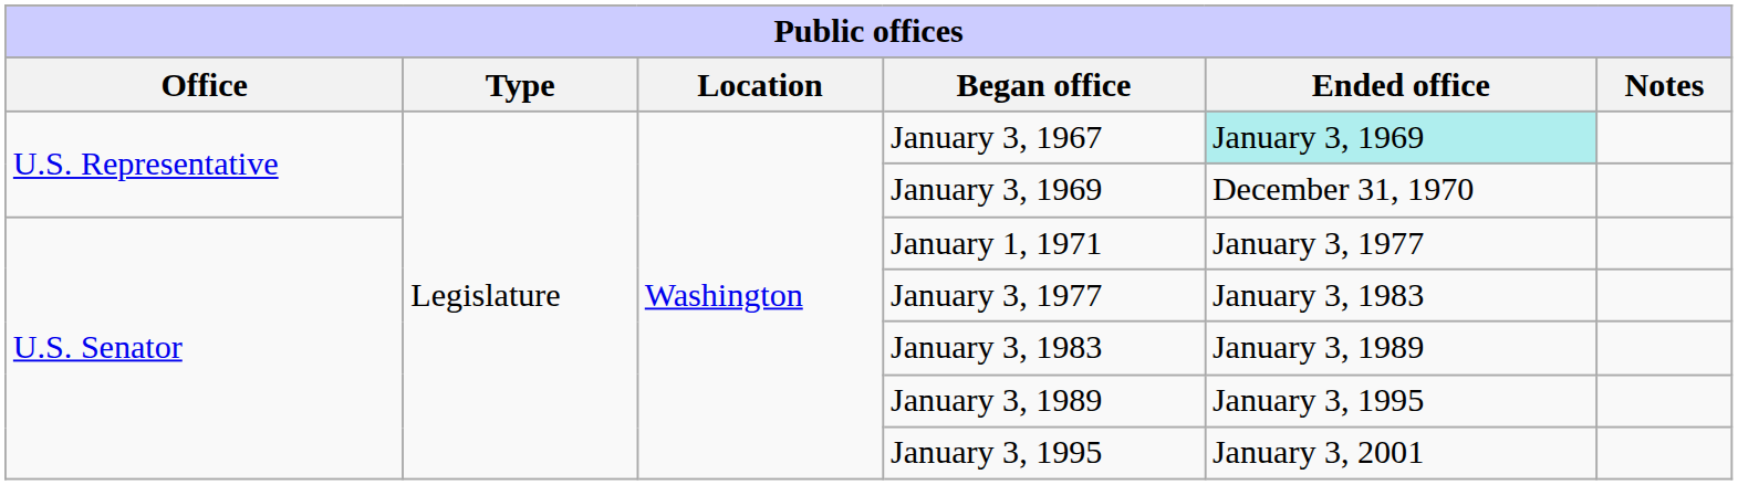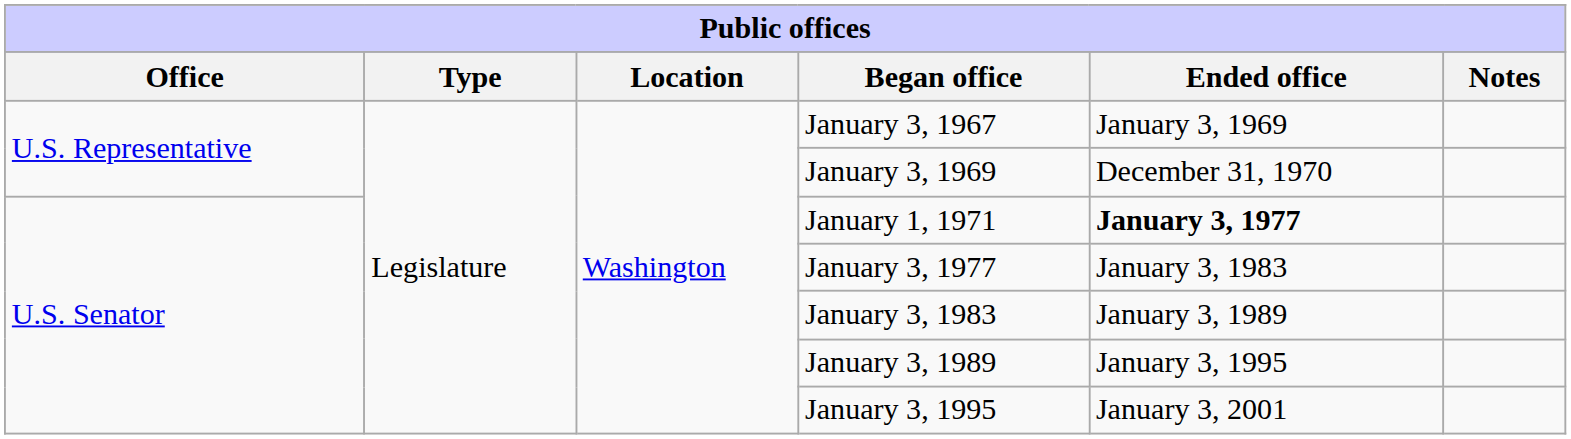 <table class=wikitable style="width: 94%" style="text-align: center;" align="center">
 <tr bgcolor=#cccccc>
 <th colspan=7 style="background: #ccccff;">Public offices</th>
 </tr>
 <tr>
 <th>Office</th>
 <th>Type</th>
 <th>Location</th>
 <th>Began office</th>
 <th>Ended office</th>
 <th>Notes</th>
 </tr>
 <tr>
 <td rowspan=2><a href='#'>U.S. Representative</a></td>
 <td rowspan=7>Legislature</td>
 <td rowspan=7><a href='#'>Washington</a></td>
 <td>January 3, 1967</td>
-<td style="background: paleturquoise;">January 3, 1969</td>
+<td>January 3, 1969</td>
 <td></td>
 </tr>
 <tr>
 <td>January 3, 1969</td>
 <td>December 31, 1970</td>
 <td></td>
 </tr>
 <tr>
 <td rowspan=5><a href='#'>U.S. Senator</a></td>
 <td>January 1, 1971</td>
-<td>January 3, 1977</td>
+<td><strong>January 3, 1977</strong></td>
 <td></td>
 </tr>
 <tr>
 <td>January 3, 1977</td>
 <td>January 3, 1983</td>
 <td></td>
 </tr>
 <tr>
 <td>January 3, 1983</td>
 <td>January 3, 1989</td>
 <td></td>
 </tr>
 <tr>
 <td>January 3, 1989</td>
 <td>January 3, 1995</td>
 <td></td>
 </tr>
 <tr>
 <td>January 3, 1995</td>
 <td>January 3, 2001</td>
 <td></td>
 </tr>
 </table>
